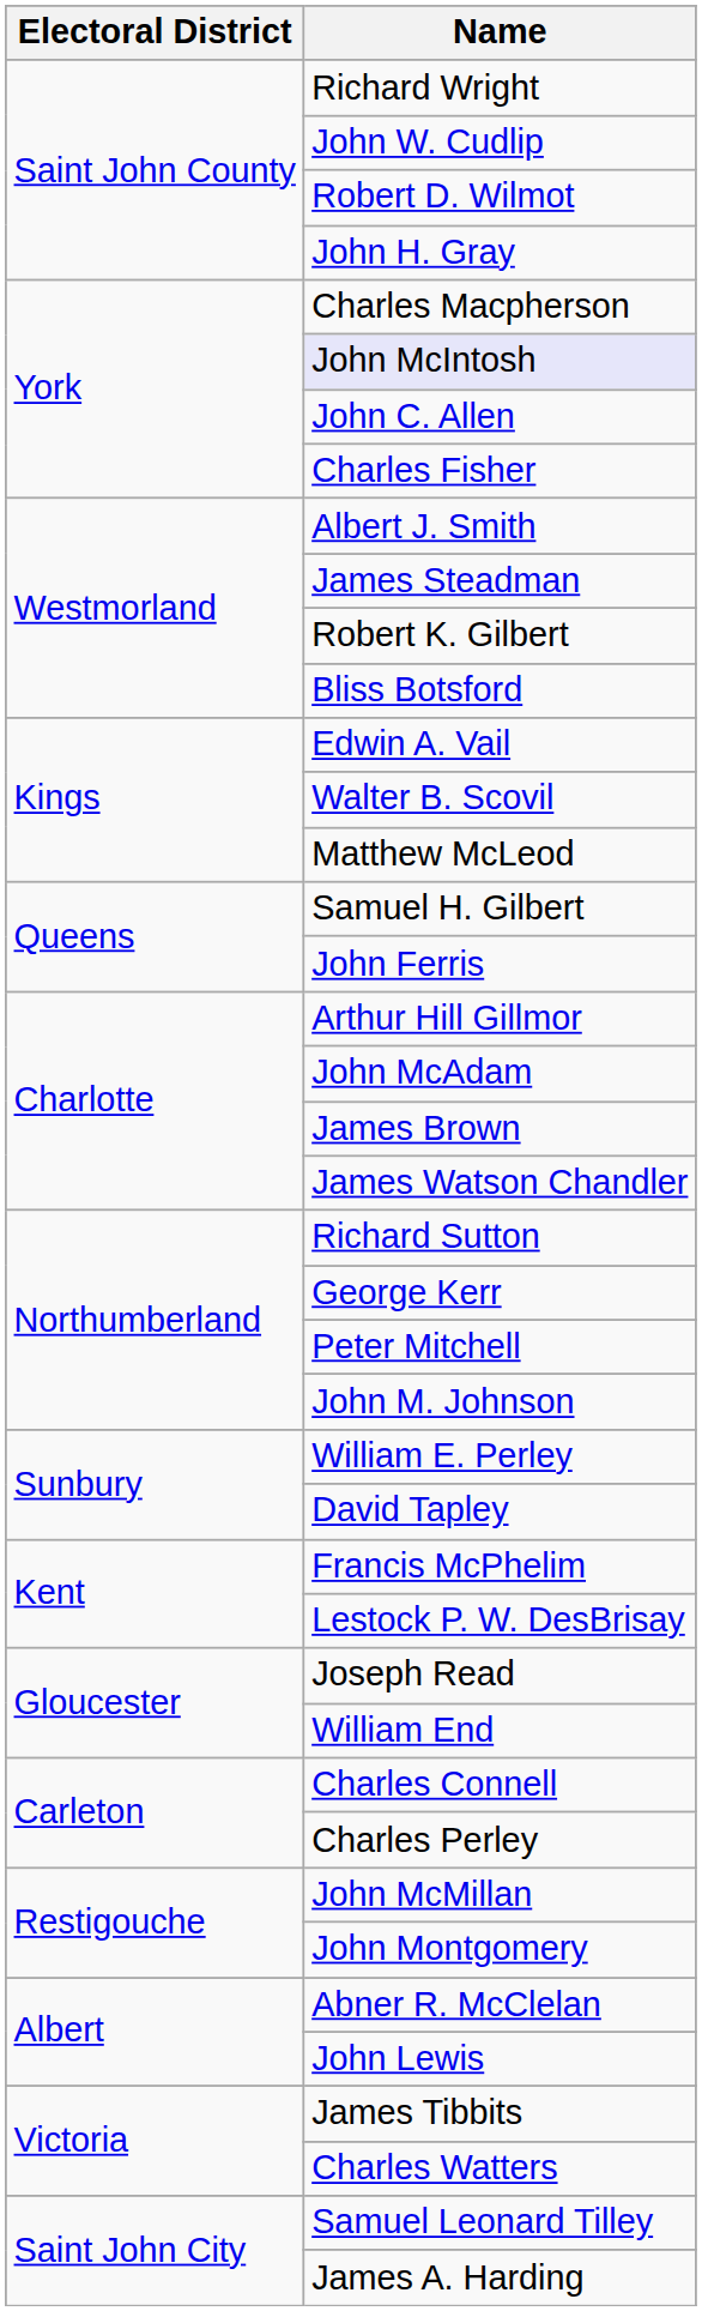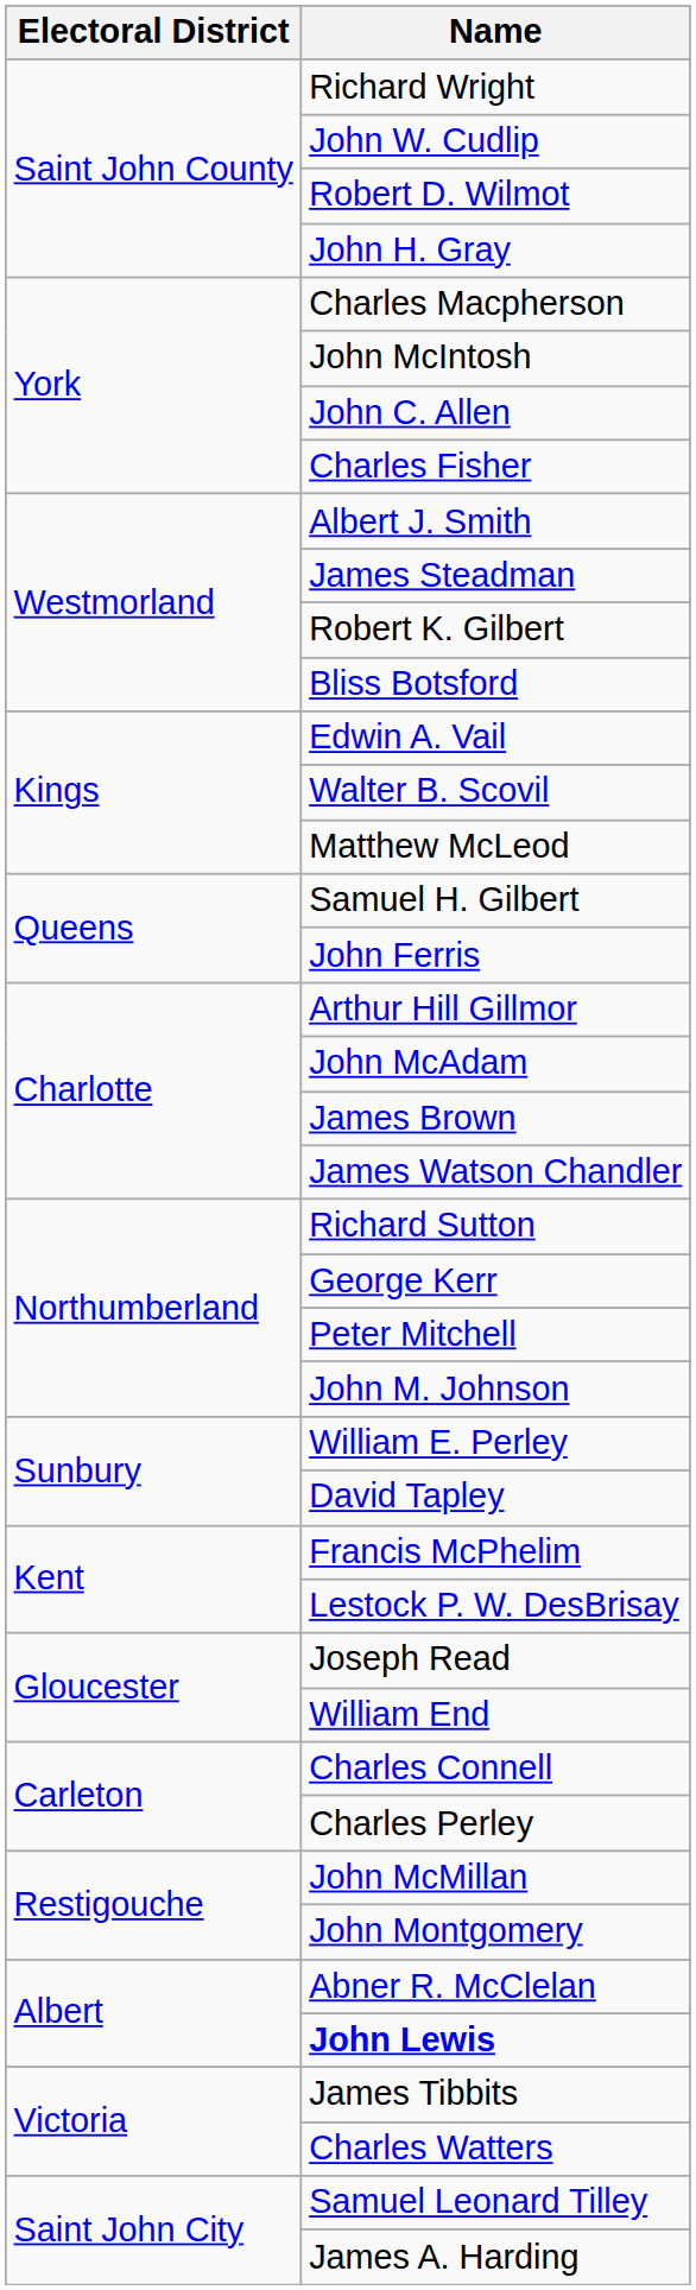 <table class="wikitable">
 <tr>
 <th>Electoral District</th>
 <th>Name</th>
 </tr>
 <tr>
 <td rowspan="4"><a href='#'>Saint John County</a></td>
 <td>Richard Wright</td>
 </tr>
 <tr>
 <td><a href='#'>John W. Cudlip</a></td>
 </tr>
 <tr>
 <td><a href='#'>Robert D. Wilmot</a></td>
 </tr>
 <tr>
 <td><a href='#'>John H. Gray</a></td>
 </tr>
 <tr>
 <td rowspan="4"><a href='#'>York</a></td>
 <td>Charles Macpherson</td>
 </tr>
 <tr>
-<td style="background: lavender;">John McIntosh</td>
+<td>John McIntosh</td>
 </tr>
 <tr>
 <td><a href='#'>John C. Allen</a></td>
 </tr>
 <tr>
 <td><a href='#'>Charles Fisher</a></td>
 </tr>
 <tr>
 <td rowspan="4"><a href='#'>Westmorland</a></td>
 <td><a href='#'>Albert J. Smith</a></td>
 </tr>
 <tr>
 <td><a href='#'>James Steadman</a></td>
 </tr>
 <tr>
 <td>Robert K. Gilbert</td>
 </tr>
 <tr>
 <td><a href='#'>Bliss Botsford</a></td>
 </tr>
 <tr>
 <td rowspan="3"><a href='#'>Kings</a></td>
 <td><a href='#'>Edwin A. Vail</a></td>
 </tr>
 <tr>
 <td><a href='#'>Walter B. Scovil</a></td>
 </tr>
 <tr>
 <td>Matthew McLeod</td>
 </tr>
 <tr>
 <td rowspan="2"><a href='#'>Queens</a></td>
 <td>Samuel H. Gilbert</td>
 </tr>
 <tr>
 <td><a href='#'>John Ferris</a></td>
 </tr>
 <tr>
 <td rowspan="4"><a href='#'>Charlotte</a></td>
 <td><a href='#'>Arthur Hill Gillmor</a></td>
 </tr>
 <tr>
 <td><a href='#'>John McAdam</a></td>
 </tr>
 <tr>
 <td><a href='#'>James Brown</a></td>
 </tr>
 <tr>
 <td><a href='#'>James Watson Chandler</a></td>
 </tr>
 <tr>
 <td rowspan="4"><a href='#'>Northumberland</a></td>
 <td><a href='#'>Richard Sutton</a></td>
 </tr>
 <tr>
 <td><a href='#'>George Kerr</a></td>
 </tr>
 <tr>
 <td><a href='#'>Peter Mitchell</a></td>
 </tr>
 <tr>
 <td><a href='#'>John M. Johnson</a></td>
 </tr>
 <tr>
 <td rowspan="2"><a href='#'>Sunbury</a></td>
 <td><a href='#'>William E. Perley</a></td>
 </tr>
 <tr>
 <td><a href='#'>David Tapley</a></td>
 </tr>
 <tr>
 <td rowspan="2"><a href='#'>Kent</a></td>
 <td><a href='#'>Francis McPhelim</a></td>
 </tr>
 <tr>
 <td><a href='#'>Lestock P. W. DesBrisay</a></td>
 </tr>
 <tr>
 <td rowspan="2"><a href='#'>Gloucester</a></td>
 <td>Joseph Read</td>
 </tr>
 <tr>
 <td><a href='#'>William End</a></td>
 </tr>
 <tr>
 <td rowspan="2"><a href='#'>Carleton</a></td>
 <td><a href='#'>Charles Connell</a></td>
 </tr>
 <tr>
 <td>Charles Perley</td>
 </tr>
 <tr>
 <td rowspan="2"><a href='#'>Restigouche</a></td>
 <td><a href='#'>John McMillan</a></td>
 </tr>
 <tr>
 <td><a href='#'>John Montgomery</a></td>
 </tr>
 <tr>
 <td rowspan="2"><a href='#'>Albert</a></td>
 <td><a href='#'>Abner R. McClelan</a></td>
 </tr>
 <tr>
-<td><a href='#'>John Lewis</a></td>
+<td><strong><a href='#'>John Lewis</a></strong></td>
 </tr>
 <tr>
 <td rowspan="2"><a href='#'>Victoria</a></td>
 <td>James Tibbits</td>
 </tr>
 <tr>
 <td><a href='#'>Charles Watters</a></td>
 </tr>
 <tr>
 <td rowspan="2"><a href='#'>Saint John City</a></td>
 <td><a href='#'>Samuel Leonard Tilley</a></td>
 </tr>
 <tr>
 <td>James A. Harding</td>
 </tr>
 </table>
